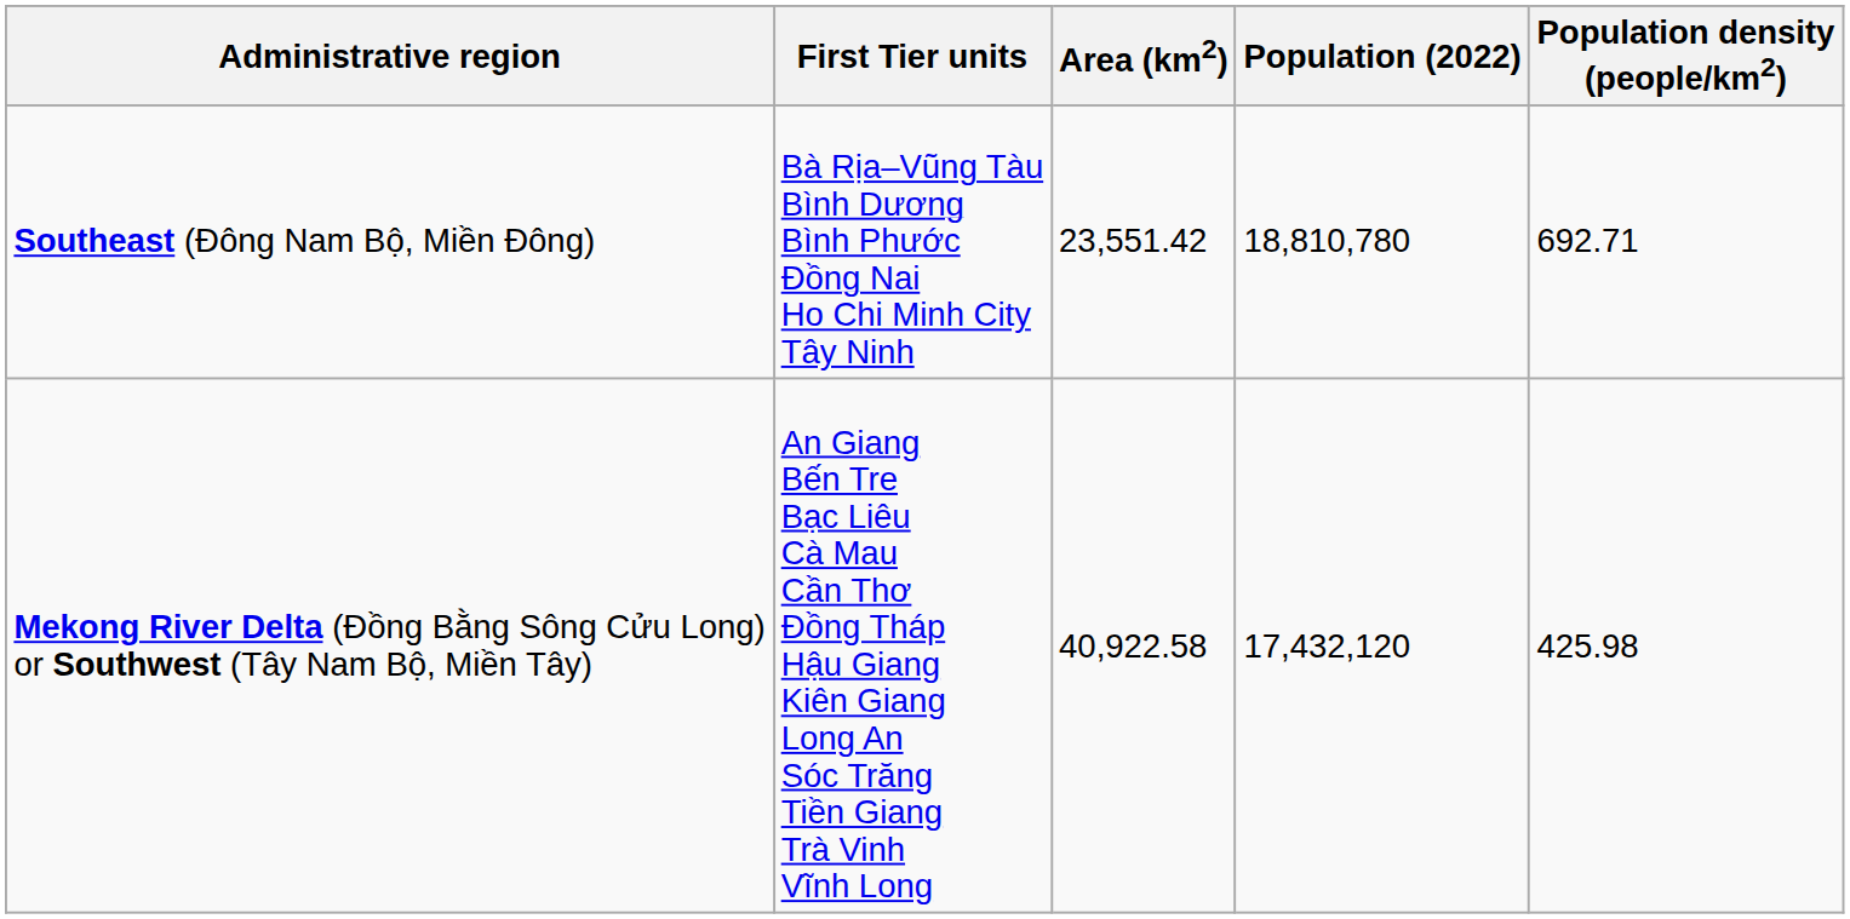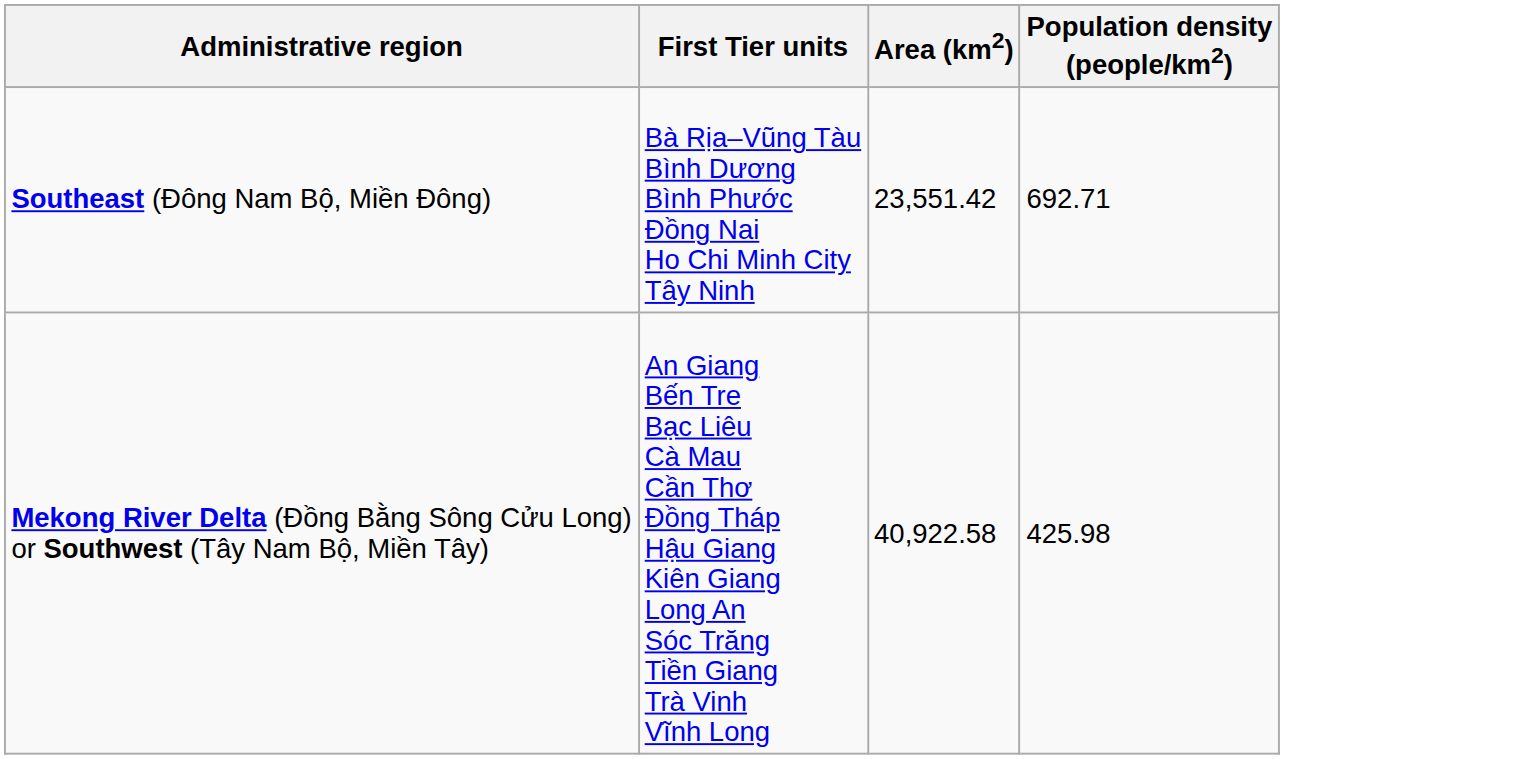 <table class="wikitable" border="1" style="font-size:90%">
 <tr>
 <th>Administrative region</th>
 <th>First Tier units</th>
 <th>Area (km<sup>2</sup>)</th>
-<th>Population (2022)</th>
 <th>Population density<br>(people/km<sup>2</sup>)</th>
 </tr>
 <tr>
 <td><strong><a href='#'>Southeast</a></strong> (Đông Nam Bộ, Miền Đông)</td>
 <td><br><a href='#'>Bà Rịa–Vũng Tàu</a><br> <a href='#'>Bình Dương</a><br> <a href='#'>Bình Phước</a><br> <a href='#'>Đồng Nai</a><br> <a href='#'>Ho Chi Minh City</a> <br> <a href='#'>Tây Ninh</a></td>
 <td>23,551.42</td>
-<td>18,810,780</td>
 <td>692.71</td>
 </tr>
 <tr>
 <td><strong><a href='#'>Mekong River Delta</a></strong> (Đồng Bằng Sông Cửu Long)<br> or <strong>Southwest</strong> (Tây Nam Bộ, Miền Tây)</td>
 <td><br><a href='#'>An Giang</a><br> <a href='#'>Bến Tre</a><br> <a href='#'>Bạc Liêu</a><br> <a href='#'>Cà Mau</a><br> <a href='#'>Cần Thơ</a> <br> <a href='#'>Đồng Tháp</a><br> <a href='#'>Hậu Giang</a><br> <a href='#'>Kiên Giang</a><br> <a href='#'>Long An</a><br> <a href='#'>Sóc Trăng</a><br> <a href='#'>Tiền Giang</a><br> <a href='#'>Trà Vinh</a><br> <a href='#'>Vĩnh Long</a></td>
 <td>40,922.58</td>
-<td>17,432,120</td>
 <td>425.98</td>
 </tr>
 </table>
